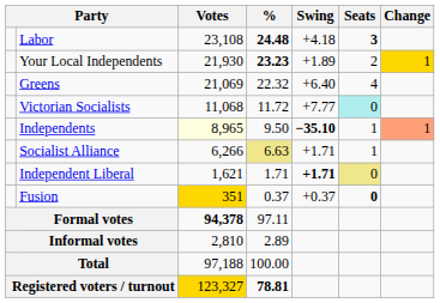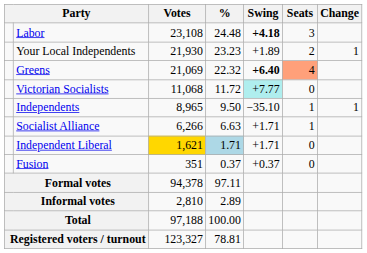 <table class="wikitable" style="text-align:right; margin-bottom:0">
 <tr>
 <th style="width:10px" colspan=3>Party</th>
 <th style="width:70px;">Votes</th>
 <th style="width:40px;">%</th>
 <th style="width:40px;">Swing</th>
 <th style="width:40px;">Seats</th>
 <th style="width:40px;">Change</th>
 </tr>
 <tr>
 <td> </td>
 <td style="text-align:left;" colspan="2"><a href='#'>Labor</a></td>
 <td>23,108</td>
-<td><strong>24.48</strong></td>
-<td>+4.18</td>
-<td><strong>3</strong></td>
+<td>24.48</td>
+<td><strong>+4.18</strong></td>
+<td>3</td>
 <td></td>
 </tr>
 <tr>
 <td> </td>
 <td colspan="2" style="text-align:left;">Your Local Independents</td>
 <td>21,930</td>
-<td><strong>23.23</strong></td>
+<td>23.23</td>
 <td>+1.89</td>
 <td>2</td>
-<td style="background: gold;"> 1</td>
+<td> 1</td>
 </tr>
 <tr>
 <td> </td>
 <td style="text-align:left;" colspan="2"><a href='#'>Greens</a></td>
 <td>21,069</td>
 <td>22.32</td>
-<td>+6.40</td>
-<td>4</td>
+<td><strong>+6.40</strong></td>
+<td style="background: lightsalmon;">4</td>
 <td></td>
 </tr>
 <tr>
 <td> </td>
 <td style="text-align:left;" colspan="2"><a href='#'>Victorian Socialists</a></td>
 <td>11,068</td>
 <td>11.72</td>
-<td>+7.77</td>
-<td style="background: paleturquoise;">0</td>
+<td style="background: paleturquoise;">+7.77</td>
+<td>0</td>
 <td></td>
 </tr>
 <tr>
 <td> </td>
 <td style="text-align:left;" colspan="2"><a href='#'>Independents</a></td>
-<td style="background: lightyellow;">8,965</td>
+<td>8,965</td>
 <td>9.50</td>
-<td><strong>−35.10</strong></td>
+<td>−35.10</td>
 <td>1</td>
-<td style="background: lightsalmon;"> 1</td>
+<td> 1</td>
 </tr>
 <tr>
 <td> </td>
 <td style="text-align:left;" colspan="2"><a href='#'>Socialist Alliance</a></td>
 <td>6,266</td>
-<td style="background: khaki;">6.63</td>
+<td>6.63</td>
 <td>+1.71</td>
 <td>1</td>
 <td></td>
 </tr>
 <tr>
 <td> </td>
 <td colspan="2" style="text-align:left;"><a href='#'>Independent Liberal</a></td>
-<td>1,621</td>
-<td>1.71</td>
-<td><strong>+1.71</strong></td>
-<td style="background: khaki;">0</td>
+<td style="background: gold;">1,621</td>
+<td style="background: lightblue;">1.71</td>
+<td>+1.71</td>
+<td>0</td>
 <td></td>
 </tr>
 <tr>
 <td> </td>
 <td style="text-align:left;" colspan="2"><a href='#'>Fusion</a></td>
-<td style="background: gold;">351</td>
+<td>351</td>
 <td>0.37</td>
 <td>+0.37</td>
-<td><strong>0</strong></td>
+<td>0</td>
 <td></td>
 </tr>
 <tr>
 <th colspan="3" rowspan="1"> Formal votes</th>
-<td><strong>94,378</strong></td>
+<td>94,378</td>
 <td>97.11</td>
 <td></td>
 <td></td>
 <td></td>
 </tr>
 <tr>
 <th colspan="3" rowspan="1"> Informal votes</th>
 <td>2,810</td>
 <td>2.89</td>
 <td></td>
 <td></td>
 <td></td>
 </tr>
 <tr>
 <th colspan="3" rowspan="1"> Total</th>
 <td>97,188</td>
 <td>100.00</td>
 <td></td>
 <td></td>
 <td></td>
 </tr>
 <tr>
 <th colspan="3" rowspan="1"> Registered voters / turnout</th>
-<td style="background: gold;">123,327</td>
-<td><strong>78.81</strong></td>
+<td>123,327</td>
+<td>78.81</td>
 <td></td>
 <td></td>
 <td></td>
 </tr>
 </table>
